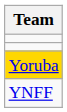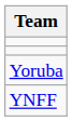 <table class="wikitable sortable plainrowheaders" style="font-size:90%; display:inline-table; margin-right:1em;">
 <tr>
 <th scope=col>Team</th>
 </tr>
 <tr>
 <td></td>
 </tr>
 <tr>
 <td></td>
 </tr>
 <tr>
-<td style="background: gold;"><a href='#'>Yoruba</a></td>
+<td><a href='#'>Yoruba</a></td>
 </tr>
 <tr>
 <td> <a href='#'>YNFF</a></td>
 </tr>
 </table>
